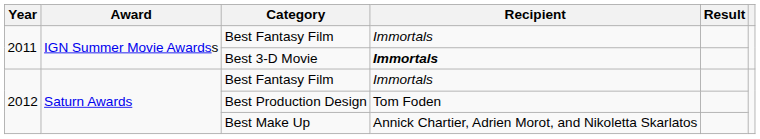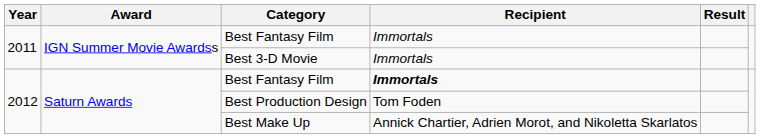 <table class="wikitable sortable plainrowheaders">
 <tr>
 <th>Year</th>
 <th>Award</th>
 <th>Category</th>
 <th>Recipient</th>
 <th>Result</th>
 <th></th>
 </tr>
 <tr>
 <td rowspan="2">2011</td>
 <td rowspan="2"><a href='#'>IGN Summer Movie Awards</a>s</td>
 <td>Best Fantasy Film</td>
 <td><em>Immortals</em></td>
 <td></td>
 <td rowspan="2" style="text-align:center;"></td>
 </tr>
 <tr>
 <td>Best 3-D Movie</td>
-<td><strong><em>Immortals</em></strong></td>
+<td><em>Immortals</em></td>
 <td></td>
 </tr>
 <tr>
 <td rowspan="3">2012</td>
 <td rowspan="3"><a href='#'>Saturn Awards</a></td>
 <td>Best Fantasy Film</td>
-<td><em>Immortals</em></td>
+<td><strong><em>Immortals</em></strong></td>
 <td></td>
 <td rowspan="3" style="text-align:center;"></td>
 </tr>
 <tr>
 <td>Best Production Design</td>
 <td>Tom Foden</td>
 <td></td>
 </tr>
 <tr>
 <td>Best Make Up</td>
 <td>Annick Chartier, Adrien Morot, and Nikoletta Skarlatos</td>
 <td></td>
 </tr>
 </table>
